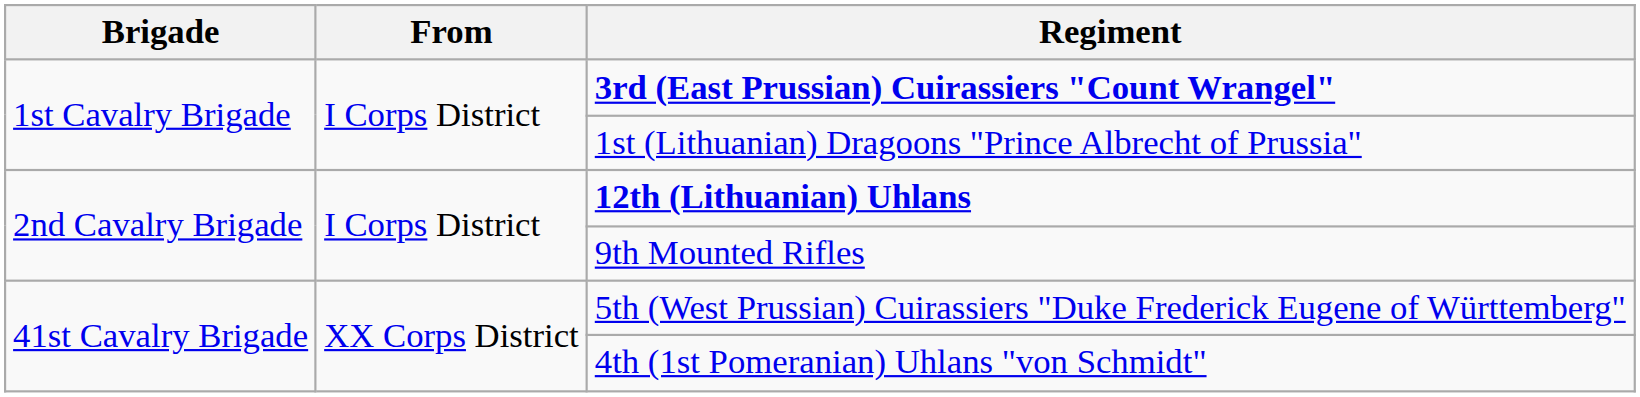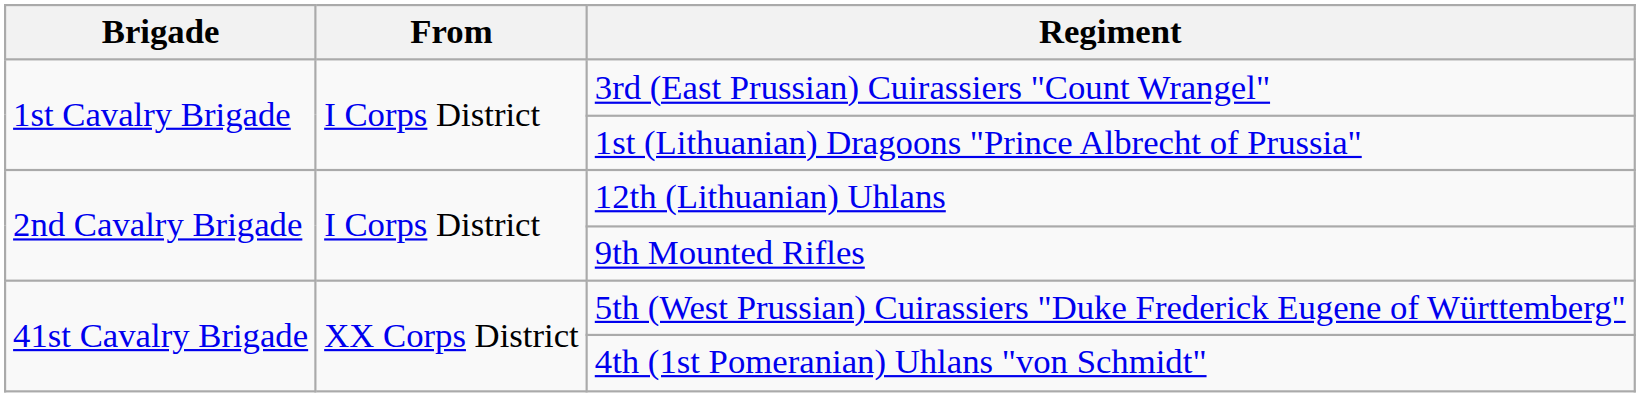 <table class="wikitable">
 <tr>
 <th>Brigade</th>
 <th>From</th>
 <th>Regiment</th>
 </tr>
 <tr>
 <td rowspan="2"><a href='#'>1st Cavalry Brigade</a></td>
 <td rowspan="2"><a href='#'>I Corps</a> District</td>
-<td><strong><a href='#'>3rd (East Prussian) Cuirassiers "Count Wrangel"</a></strong></td>
+<td><a href='#'>3rd (East Prussian) Cuirassiers "Count Wrangel"</a></td>
 </tr>
 <tr>
 <td><a href='#'>1st (Lithuanian) Dragoons "Prince Albrecht of Prussia"</a></td>
 </tr>
 <tr>
 <td rowspan="2"><a href='#'>2nd Cavalry Brigade</a></td>
 <td rowspan="2"><a href='#'>I Corps</a> District</td>
-<td><strong><a href='#'>12th (Lithuanian) Uhlans</a></strong></td>
+<td><a href='#'>12th (Lithuanian) Uhlans</a></td>
 </tr>
 <tr>
 <td><a href='#'>9th Mounted Rifles</a></td>
 </tr>
 <tr>
 <td rowspan="2"><a href='#'>41st Cavalry Brigade</a></td>
 <td rowspan="2"><a href='#'>XX Corps</a> District</td>
 <td><a href='#'>5th (West Prussian) Cuirassiers "Duke Frederick Eugene of Württemberg"</a></td>
 </tr>
 <tr>
 <td><a href='#'>4th (1st Pomeranian) Uhlans "von Schmidt"</a></td>
 </tr>
 </table>
